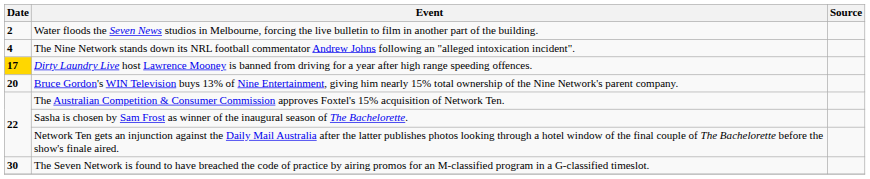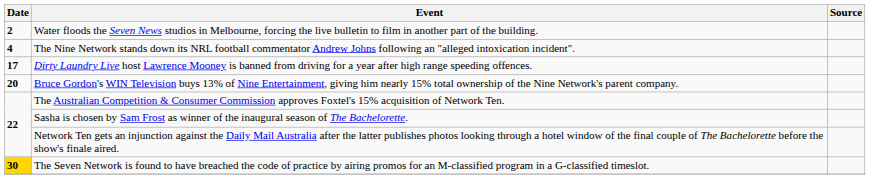 <table class="wikitable">
 <tr>
 <th>Date</th>
 <th>Event</th>
 <th>Source</th>
 </tr>
 <tr>
 <td><strong>2</strong></td>
 <td>Water floods the <em><a href='#'>Seven News</a></em> studios in Melbourne, forcing the live bulletin to film in another part of the building.</td>
 <td></td>
 </tr>
 <tr>
 <td><strong>4</strong></td>
 <td>The Nine Network stands down its NRL football commentator <a href='#'>Andrew Johns</a> following an "alleged intoxication incident".</td>
 <td></td>
 </tr>
 <tr>
-<td style="background: gold;"><strong>17</strong></td>
+<td><strong>17</strong></td>
 <td><em><a href='#'>Dirty Laundry Live</a></em> host <a href='#'>Lawrence Mooney</a> is banned from driving for a year after high range speeding offences.</td>
 <td></td>
 </tr>
 <tr>
 <td><strong>20</strong></td>
 <td><a href='#'>Bruce Gordon</a>'s <a href='#'>WIN Television</a> buys 13% of <a href='#'>Nine Entertainment</a>, giving him nearly 15% total ownership of the Nine Network's parent company.</td>
 <td></td>
 </tr>
 <tr>
 <td rowspan="3"><strong>22</strong></td>
 <td>The <a href='#'>Australian Competition & Consumer Commission</a> approves Foxtel's 15% acquisition of Network Ten.</td>
 <td></td>
 </tr>
 <tr>
 <td>Sasha is chosen by <a href='#'>Sam Frost</a> as winner of the inaugural season of <em><a href='#'>The Bachelorette</a></em>.</td>
 <td></td>
 </tr>
 <tr>
 <td>Network Ten gets an injunction against the <a href='#'>Daily Mail Australia</a> after the latter publishes photos looking through a hotel window of the final couple of <em>The Bachelorette</em> before the show's finale aired.</td>
 <td></td>
 </tr>
 <tr>
-<td><strong>30</strong></td>
+<td style="background: gold;"><strong>30</strong></td>
 <td>The Seven Network is found to have breached the code of practice by airing promos for an M-classified program in a G-classified timeslot.</td>
 <td></td>
 </tr>
 <tr>
 </tr>
 </table>
